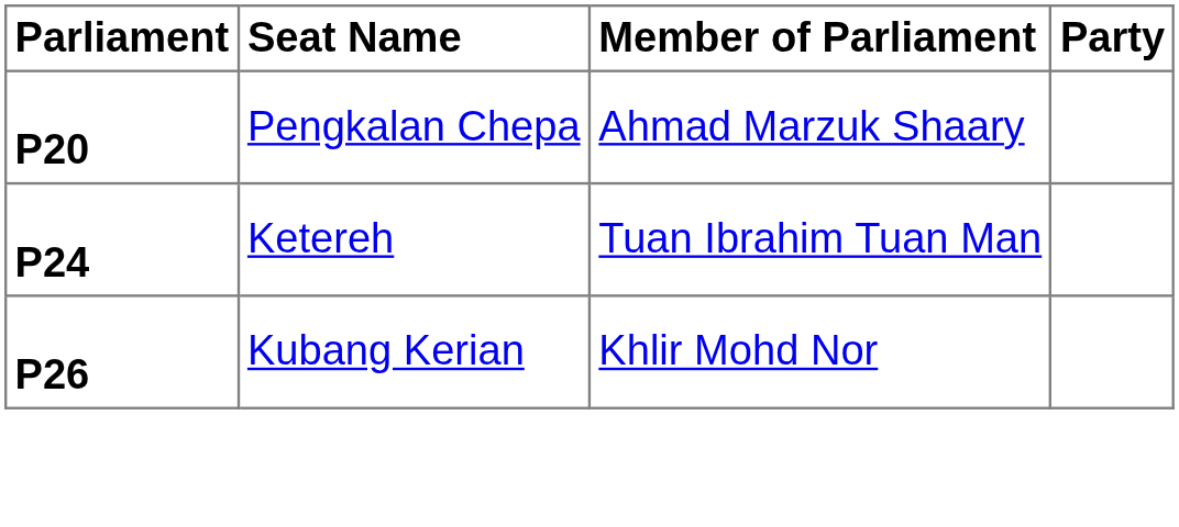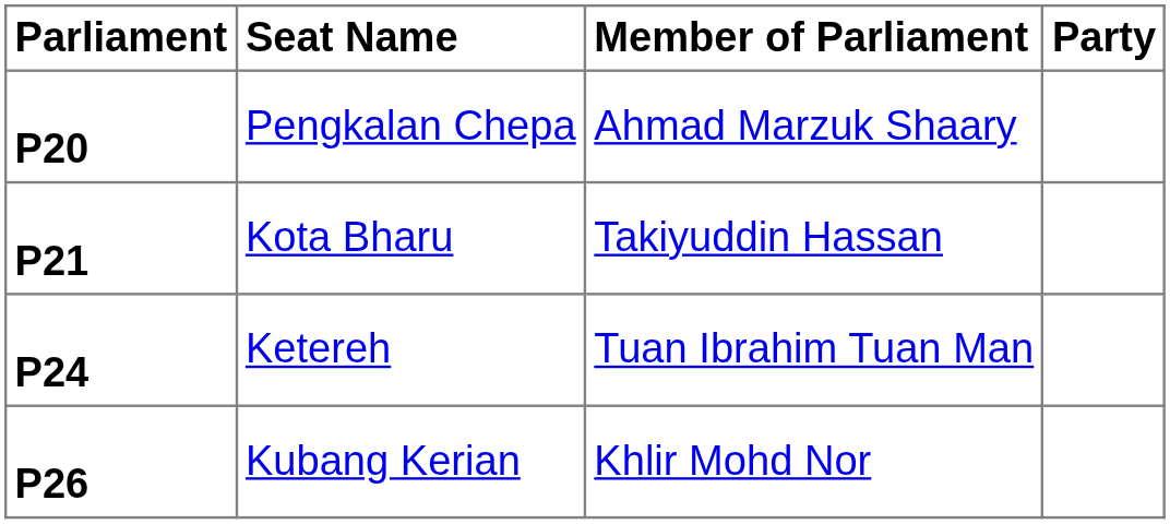 <table class="toccolours sortable" border="1" cellpadding="3" style="border-collapse:collapse; text-align: left;">
 <tr>
 <th align="center">Parliament</th>
 <th>Seat Name</th>
 <th>Member of Parliament</th>
 <th>Party</th>
 </tr>
 <tr>
 <th style="text-align:left;"><br>P20</th>
 <td><a href='#'>Pengkalan Chepa</a></td>
 <td><a href='#'>Ahmad Marzuk Shaary</a></td>
+<td></td>
+</tr>
+<tr>
+<th style="text-align:left;"><br>P21</th>
+<td><a href='#'>Kota Bharu</a></td>
+<td><a href='#'>Takiyuddin Hassan</a></td>
 <td></td>
 </tr>
 <tr>
 <th style="text-align:left;"><br>P24</th>
 <td><a href='#'>Ketereh</a></td>
 <td><a href='#'>Tuan Ibrahim Tuan Man</a></td>
 <td></td>
 </tr>
 <tr>
 <th style="text-align:left;"><br>P26</th>
 <td><a href='#'>Kubang Kerian</a></td>
 <td><a href='#'>Khlir Mohd Nor</a></td>
 <td></td>
 </tr>
 </table>
